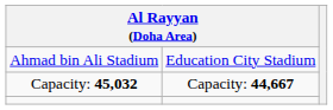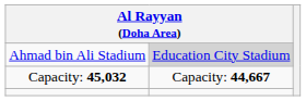 <table class="wikitable" style="text-align:center;margin:1em auto;">
 <tr>
 <th colspan="2"><a href='#'>Al Rayyan</a><br><small>(<a href='#'>Doha Area</a>)</small></th>
 <th rowspan="4"></th>
 </tr>
 <tr>
 <td><a href='#'>Ahmad bin Ali Stadium</a></td>
-<td><a href='#'>Education City Stadium</a></td>
+<td style="background: lightgrey;"><a href='#'>Education City Stadium</a></td>
 </tr>
 <tr>
 <td>Capacity: <strong>45,032</strong></td>
 <td>Capacity: <strong>44,667</strong></td>
 </tr>
 <tr>
 <td></td>
 <td></td>
 </tr>
 </table>
